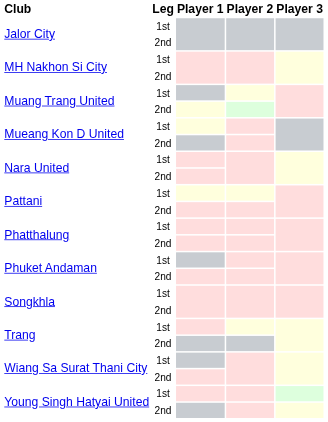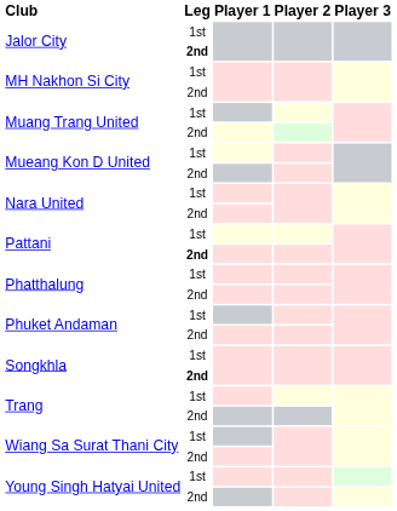 <table class="sortable" style="text-align:left">
 <tr>
 <th>Club</th>
 <th>Leg</th>
 <th>Player 1</th>
 <th>Player 2</th>
 <th>Player 3</th>
 </tr>
 <tr>
 <td rowspan="2"><a href='#'>Jalor City</a></td>
 <td align="center"><small>1st</small></td>
 <td bgcolor="#c8ccd1"rowspan="2"></td>
 <td bgcolor="#c8ccd1"rowspan="2"></td>
 <td bgcolor="#c8ccd1"rowspan="2"></td>
 </tr>
 <tr>
-<td align="center"><small>2nd</small></td>
+<td align="center"><strong><small>2nd</small></strong></td>
 </tr>
 <tr>
 <td rowspan="2"><a href='#'>MH Nakhon Si City</a></td>
 <td align="center"><small>1st</small></td>
 <td bgcolor="#ffdddd"rowspan="2"></td>
 <td bgcolor="#ffdddd"rowspan="2"></td>
 <td bgcolor="#ffffdd"rowspan="2"></td>
 </tr>
 <tr>
 <td align="center"><small>2nd</small></td>
 </tr>
 <tr>
 <td rowspan="2"><a href='#'>Muang Trang United</a></td>
 <td align="center"><small>1st</small></td>
 <td bgcolor="#c8ccd1"></td>
 <td bgcolor="#ffffdd"></td>
 <td bgcolor="#ffdddd"rowspan="2"></td>
 </tr>
 <tr>
 <td align="center"><small>2nd</small></td>
 <td bgcolor="#ffffdd"></td>
 <td bgcolor="#ddffdd"></td>
 </tr>
 <tr>
 <td rowspan="2"><a href='#'>Mueang Kon D United</a></td>
 <td align="center"><small>1st</small></td>
 <td bgcolor="#ffffdd"></td>
 <td bgcolor="#ffdddd"></td>
 <td bgcolor="#c8ccd1"rowspan="2"></td>
 </tr>
 <tr>
 <td align="center"><small>2nd</small></td>
 <td bgcolor="#c8ccd1"></td>
 <td bgcolor="#ffdddd"></td>
 </tr>
 <tr>
 <td rowspan="2"><a href='#'>Nara United</a></td>
 <td align="center"><small>1st</small></td>
 <td bgcolor="#ffdddd"></td>
 <td bgcolor="#ffdddd"rowspan="2"></td>
 <td bgcolor="#ffffdd"rowspan="2"></td>
 </tr>
 <tr>
 <td align="center"><small>2nd</small></td>
 <td bgcolor="#ffdddd"></td>
 </tr>
 <tr>
 <td rowspan="2"><a href='#'>Pattani</a></td>
 <td align="center"><small>1st</small></td>
 <td bgcolor="#ffffdd"></td>
 <td bgcolor="#ffffdd"></td>
 <td bgcolor="#ffdddd"rowspan="2"></td>
 </tr>
 <tr>
-<td align="center"><small>2nd</small></td>
+<td align="center"><strong><small>2nd</small></strong></td>
 <td bgcolor="#ffdddd"></td>
 <td bgcolor="#ffdddd"></td>
 </tr>
 <tr>
 <td rowspan="2"><a href='#'>Phatthalung</a></td>
 <td align="center"><small>1st</small></td>
 <td bgcolor="#ffdddd"></td>
 <td bgcolor="#ffdddd"></td>
 <td bgcolor="#ffdddd"rowspan="2"></td>
 </tr>
 <tr>
 <td align="center"><small>2nd</small></td>
 <td bgcolor="#ffdddd"></td>
 <td bgcolor="#ffdddd"></td>
 </tr>
 <tr>
 <td rowspan="2"><a href='#'>Phuket Andaman</a></td>
 <td align="center"><small>1st</small></td>
 <td bgcolor="#c8ccd1"></td>
 <td bgcolor="#ffdddd"></td>
 <td bgcolor="#ffdddd"rowspan="2"></td>
 </tr>
 <tr>
 <td align="center"><small>2nd</small></td>
 <td bgcolor="#ffdddd"></td>
 <td bgcolor="#ffdddd"></td>
 </tr>
 <tr>
 <td rowspan="2"><a href='#'>Songkhla</a></td>
 <td align="center"><small>1st</small></td>
 <td bgcolor="#ffdddd"rowspan="2"></td>
 <td bgcolor="#ffdddd"rowspan="2"></td>
 <td bgcolor="#ffdddd"rowspan="2"></td>
 </tr>
 <tr>
-<td align="center"><small>2nd</small></td>
+<td align="center"><strong><small>2nd</small></strong></td>
 </tr>
 <tr>
 <td rowspan="2"><a href='#'>Trang</a></td>
 <td align="center"><small>1st</small></td>
 <td bgcolor="#ffdddd"></td>
 <td bgcolor="#ffffdd"></td>
 <td bgcolor="#ffffdd"rowspan="2"></td>
 </tr>
 <tr>
 <td align="center"><small>2nd</small></td>
 <td bgcolor="#c8ccd1"></td>
 <td bgcolor="#c8ccd1"></td>
 </tr>
 <tr>
 <td rowspan="2"><a href='#'>Wiang Sa Surat Thani City</a></td>
 <td align="center"><small>1st</small></td>
 <td bgcolor="#c8ccd1"></td>
 <td bgcolor="#ffdddd"rowspan="2"></td>
 <td bgcolor="#ffffdd"rowspan="2"></td>
 </tr>
 <tr>
 <td align="center"><small>2nd</small></td>
 <td bgcolor="#ffdddd"></td>
 </tr>
 <tr>
 <td rowspan="2"><a href='#'>Young Singh Hatyai United</a></td>
 <td align="center"><small>1st</small></td>
 <td bgcolor="#ffdddd"></td>
 <td bgcolor="#ffdddd"></td>
 <td bgcolor="#ddffdd"></td>
 </tr>
 <tr>
 <td align="center"><small>2nd</small></td>
 <td bgcolor="#c8ccd1"></td>
 <td bgcolor="#ffdddd"></td>
 <td bgcolor="#ffffdd"></td>
 </tr>
 </table>
